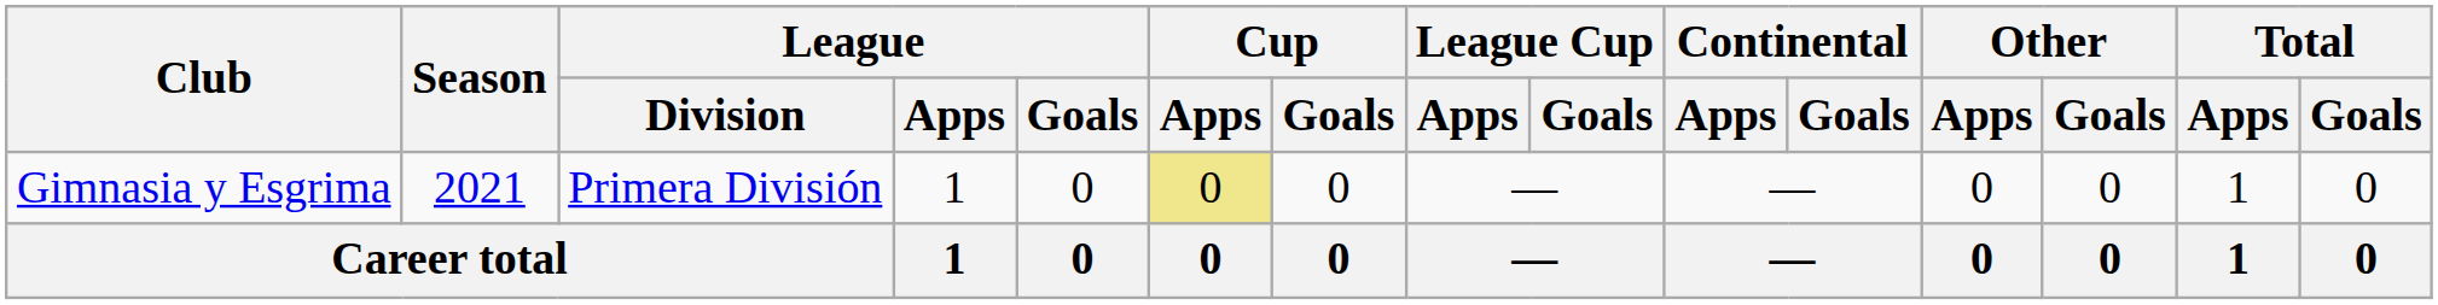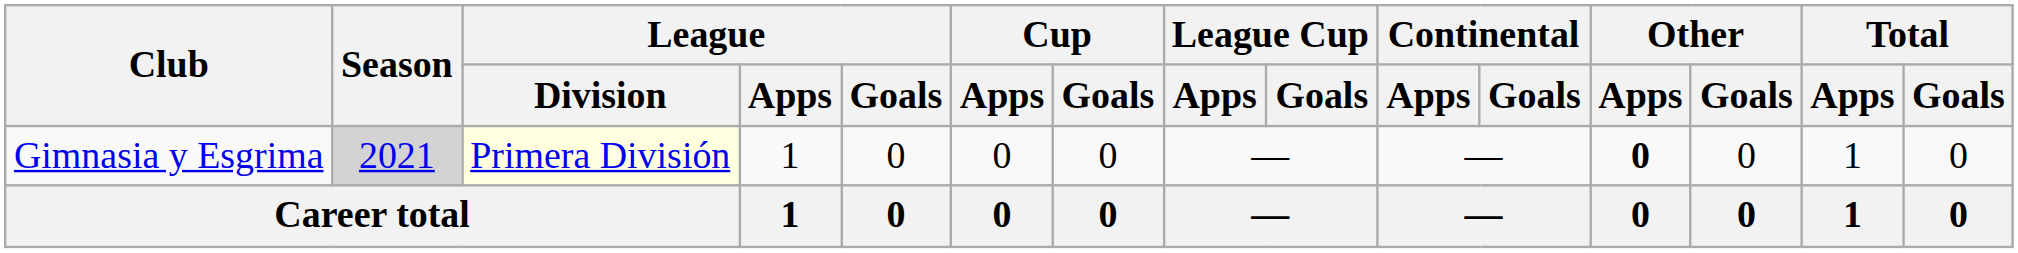 <table class="wikitable" style="text-align:center">
 <tr>
 <th rowspan="2">Club</th>
 <th rowspan="2">Season</th>
 <th colspan="3">League</th>
 <th colspan="2">Cup</th>
 <th colspan="2">League Cup</th>
 <th colspan="2">Continental</th>
 <th colspan="2">Other</th>
 <th colspan="2">Total</th>
 </tr>
 <tr>
 <th>Division</th>
 <th>Apps</th>
 <th>Goals</th>
 <th>Apps</th>
 <th>Goals</th>
 <th>Apps</th>
 <th>Goals</th>
 <th>Apps</th>
 <th>Goals</th>
 <th>Apps</th>
 <th>Goals</th>
 <th>Apps</th>
 <th>Goals</th>
 </tr>
 <tr>
 <td rowspan="1"><a href='#'>Gimnasia y Esgrima</a></td>
-<td><a href='#'>2021</a></td>
-<td rowspan="1"><a href='#'>Primera División</a></td>
+<td style="background: lightgrey;"><a href='#'>2021</a></td>
+<td rowspan="1" style="background: lightyellow;"><a href='#'>Primera División</a></td>
 <td>1</td>
 <td>0</td>
-<td style="background: khaki;">0</td>
+<td>0</td>
 <td>0</td>
 <td colspan="2">—</td>
 <td colspan="2">—</td>
-<td>0</td>
+<td><strong>0</strong></td>
 <td>0</td>
 <td>1</td>
 <td>0</td>
 </tr>
 <tr>
 <th colspan="3">Career total</th>
 <th>1</th>
 <th>0</th>
 <th>0</th>
 <th>0</th>
 <th colspan="2">—</th>
 <th colspan="2">—</th>
 <th>0</th>
 <th>0</th>
 <th>1</th>
 <th>0</th>
 </tr>
 </table>
